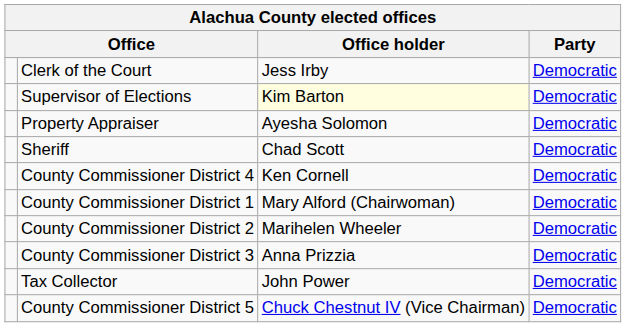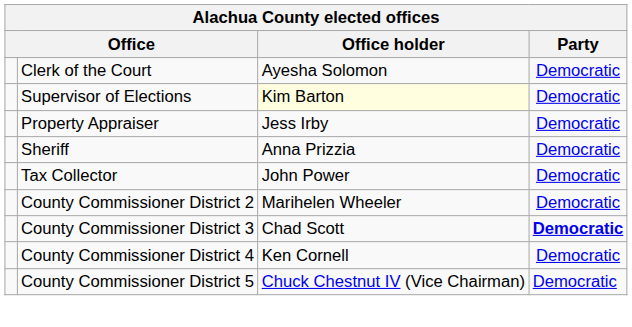 <table class="wikitable" style="margin:10px">
 <tr>
 <th colspan="4">Alachua County elected offices</th>
 </tr>
 <tr>
 <th colspan="2" style="text-align:center; vertical-align:bottom;">Office</th>
 <th style="text-align:center;">Office holder</th>
 <th valign="bottom">Party</th>
 </tr>
 <tr>
 <td style="background-color:"> </td>
 <td>Clerk of the Court</td>
-<td>Jess Irby</td>
+<td>Ayesha Solomon</td>
 <td style="text-align:center;"><a href='#'>Democratic</a></td>
 </tr>
 <tr>
 <td style="background-color:"> </td>
 <td>Supervisor of Elections</td>
 <td style="background: lightyellow;">Kim Barton</td>
 <td style="text-align:center;"><a href='#'>Democratic</a></td>
 </tr>
 <tr>
 <td style="background-color:"> </td>
 <td>Property Appraiser</td>
-<td>Ayesha Solomon</td>
+<td>Jess Irby</td>
 <td style="text-align:center;"><a href='#'>Democratic</a></td>
 </tr>
 <tr>
 <td></td>
 <td>Sheriff</td>
-<td>Chad Scott</td>
+<td>Anna Prizzia</td>
 <td style="text-align:center;"><a href='#'>Democratic</a></td>
 </tr>
 <tr>
 <td style="background-color:"> </td>
-<td>County Commissioner District 4</td>
-<td>Ken Cornell</td>
-<td style="text-align:center;"><a href='#'>Democratic</a></td>
-</tr>
-<tr>
-<td style="background-color:"> </td>
-<td>County Commissioner District 1</td>
-<td>Mary Alford (Chairwoman)</td>
+<td>Tax Collector</td>
+<td>John Power</td>
 <td style="text-align:center;"><a href='#'>Democratic</a></td>
 </tr>
 <tr>
 <td style="background-color:"> </td>
 <td>County Commissioner District 2</td>
 <td>Marihelen Wheeler</td>
 <td style="text-align:center;"><a href='#'>Democratic</a></td>
 </tr>
 <tr>
 <td style="background-color:"> </td>
 <td>County Commissioner District 3</td>
-<td>Anna Prizzia</td>
-<td style="text-align:center;"><a href='#'>Democratic</a></td>
+<td>Chad Scott</td>
+<td style="text-align:center;"><strong><a href='#'>Democratic</a></strong></td>
 </tr>
 <tr>
 <td style="background-color:"> </td>
-<td>Tax Collector</td>
-<td>John Power</td>
+<td>County Commissioner District 4</td>
+<td>Ken Cornell</td>
 <td style="text-align:center;"><a href='#'>Democratic</a></td>
 </tr>
 <tr>
 <td style="background-color:"> </td>
 <td>County Commissioner District 5</td>
 <td><a href='#'>Chuck Chestnut IV</a> (Vice Chairman)</td>
 <td><a href='#'>Democratic</a></td>
 </tr>
 </table>
